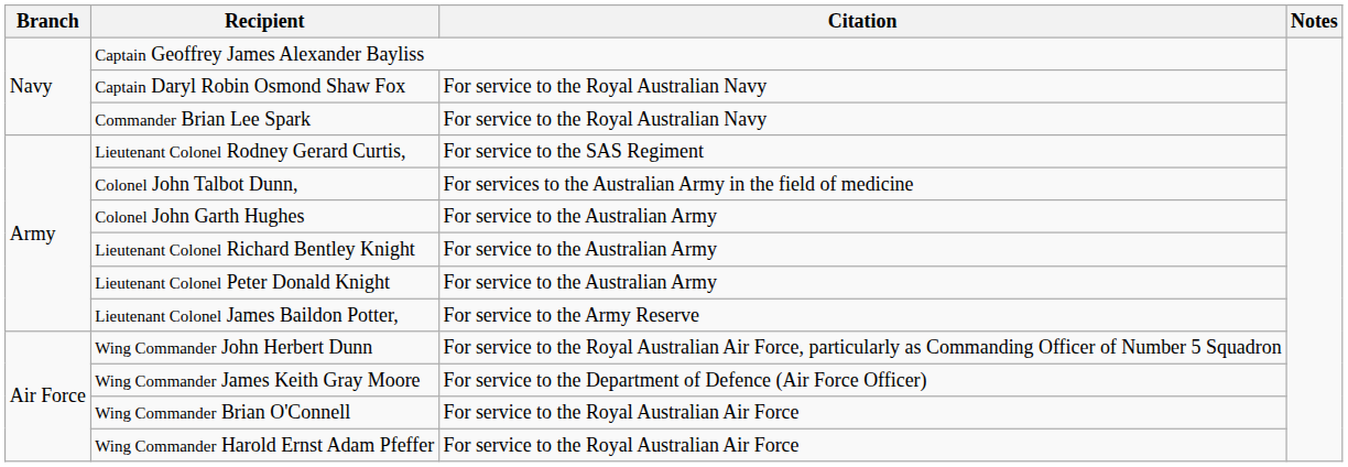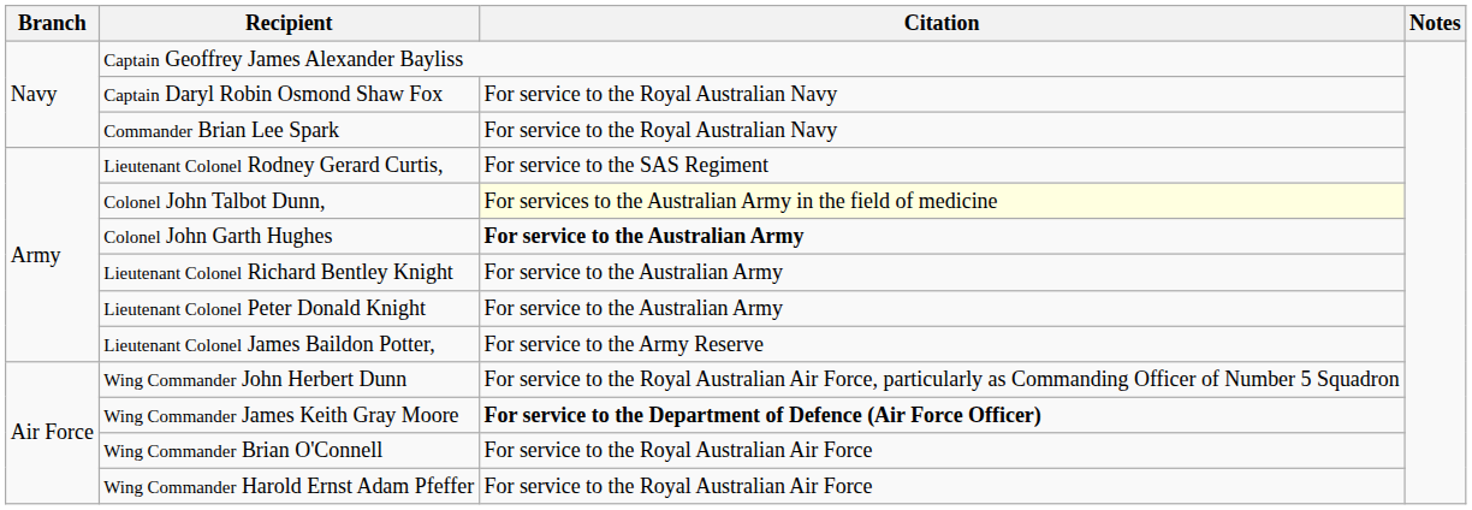 <table class="wikitable" style="font-size:95%;">
 <tr>
 <th>Branch</th>
 <th>Recipient</th>
 <th>Citation</th>
 <th>Notes</th>
 </tr>
 <tr>
 <td rowspan="3">Navy</td>
 <td colspan="2"><small>Captain</small> Geoffrey James Alexander Bayliss</td>
 <td rowspan="13"></td>
 </tr>
 <tr>
 <td><small>Captain</small> Daryl Robin Osmond Shaw Fox</td>
 <td>For service to the Royal Australian Navy</td>
 </tr>
 <tr>
 <td><small>Commander</small> Brian Lee Spark</td>
 <td>For service to the Royal Australian Navy</td>
 </tr>
 <tr>
 <td rowspan="6">Army</td>
 <td><small>Lieutenant Colonel</small> Rodney Gerard Curtis, </td>
 <td>For service to the SAS Regiment</td>
 </tr>
 <tr>
 <td><small>Colonel</small> John Talbot Dunn, </td>
-<td>For services to the Australian Army in the field of medicine</td>
+<td style="background: lightyellow;">For services to the Australian Army in the field of medicine</td>
 </tr>
 <tr>
 <td><small>Colonel</small> John Garth Hughes</td>
-<td>For service to the Australian Army</td>
+<td><strong>For service to the Australian Army</strong></td>
 </tr>
 <tr>
 <td><small>Lieutenant Colonel</small> Richard Bentley Knight</td>
 <td>For service to the Australian Army</td>
 </tr>
 <tr>
 <td><small>Lieutenant Colonel</small> Peter Donald Knight</td>
 <td>For service to the Australian Army</td>
 </tr>
 <tr>
 <td><small>Lieutenant Colonel</small> James Baildon Potter, </td>
 <td>For service to the Army Reserve</td>
 </tr>
 <tr>
 <td rowspan="4">Air Force</td>
 <td><small>Wing Commander</small> John Herbert Dunn</td>
 <td>For service to the Royal Australian Air Force, particularly as Commanding Officer of Number 5 Squadron</td>
 </tr>
 <tr>
 <td><small>Wing Commander</small> James Keith Gray Moore</td>
-<td>For service to the Department of Defence (Air Force Officer)</td>
+<td><strong>For service to the Department of Defence (Air Force Officer)</strong></td>
 </tr>
 <tr>
 <td><small>Wing Commander</small> Brian O'Connell</td>
 <td>For service to the Royal Australian Air Force</td>
 </tr>
 <tr>
 <td><small>Wing Commander</small> Harold Ernst Adam Pfeffer</td>
 <td>For service to the Royal Australian Air Force</td>
 </tr>
 </table>
